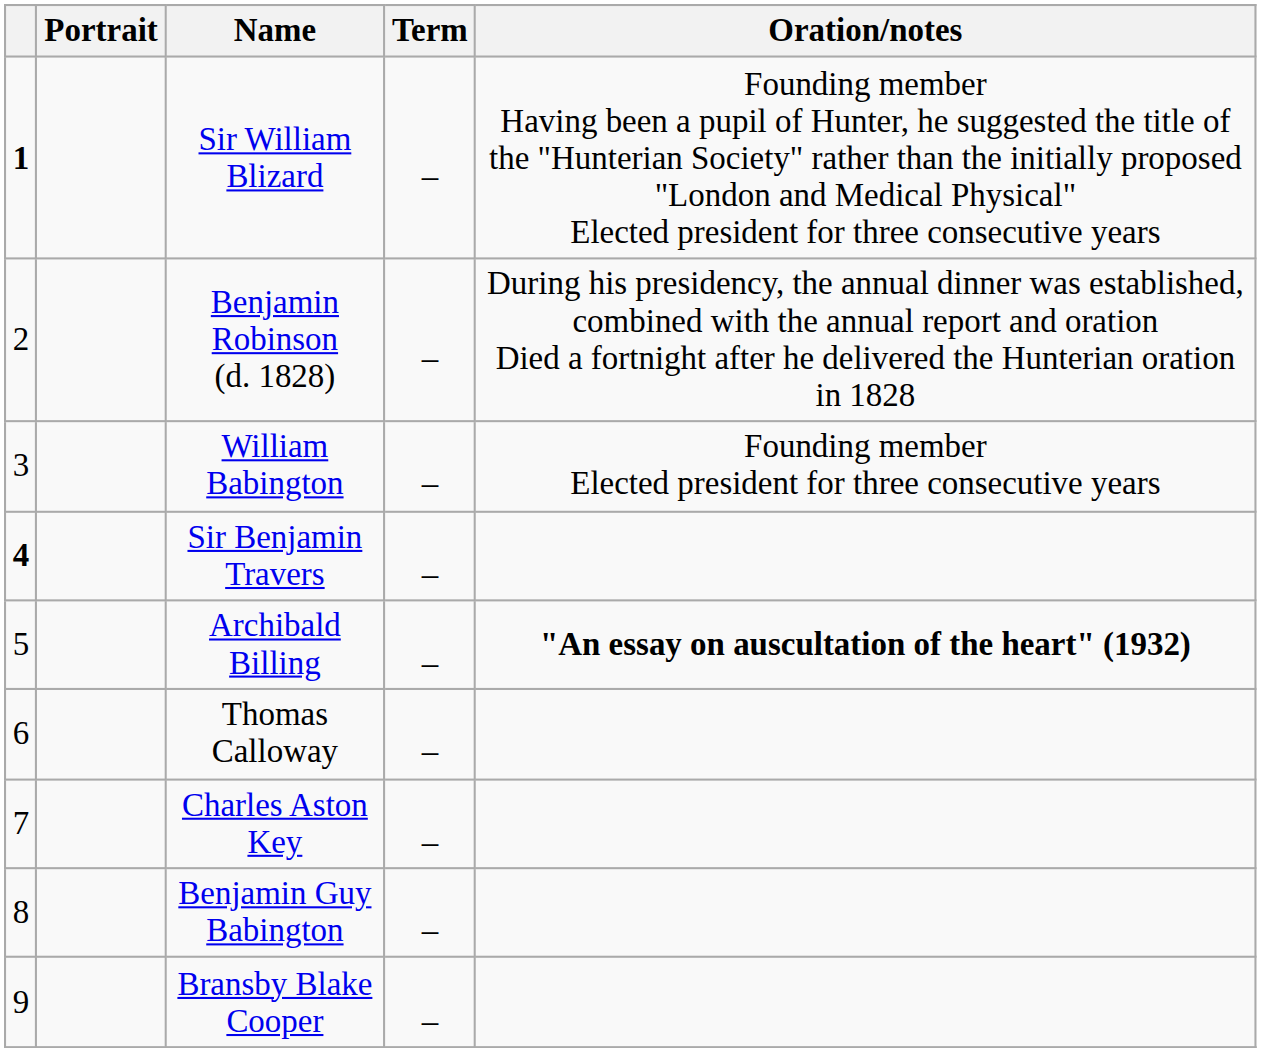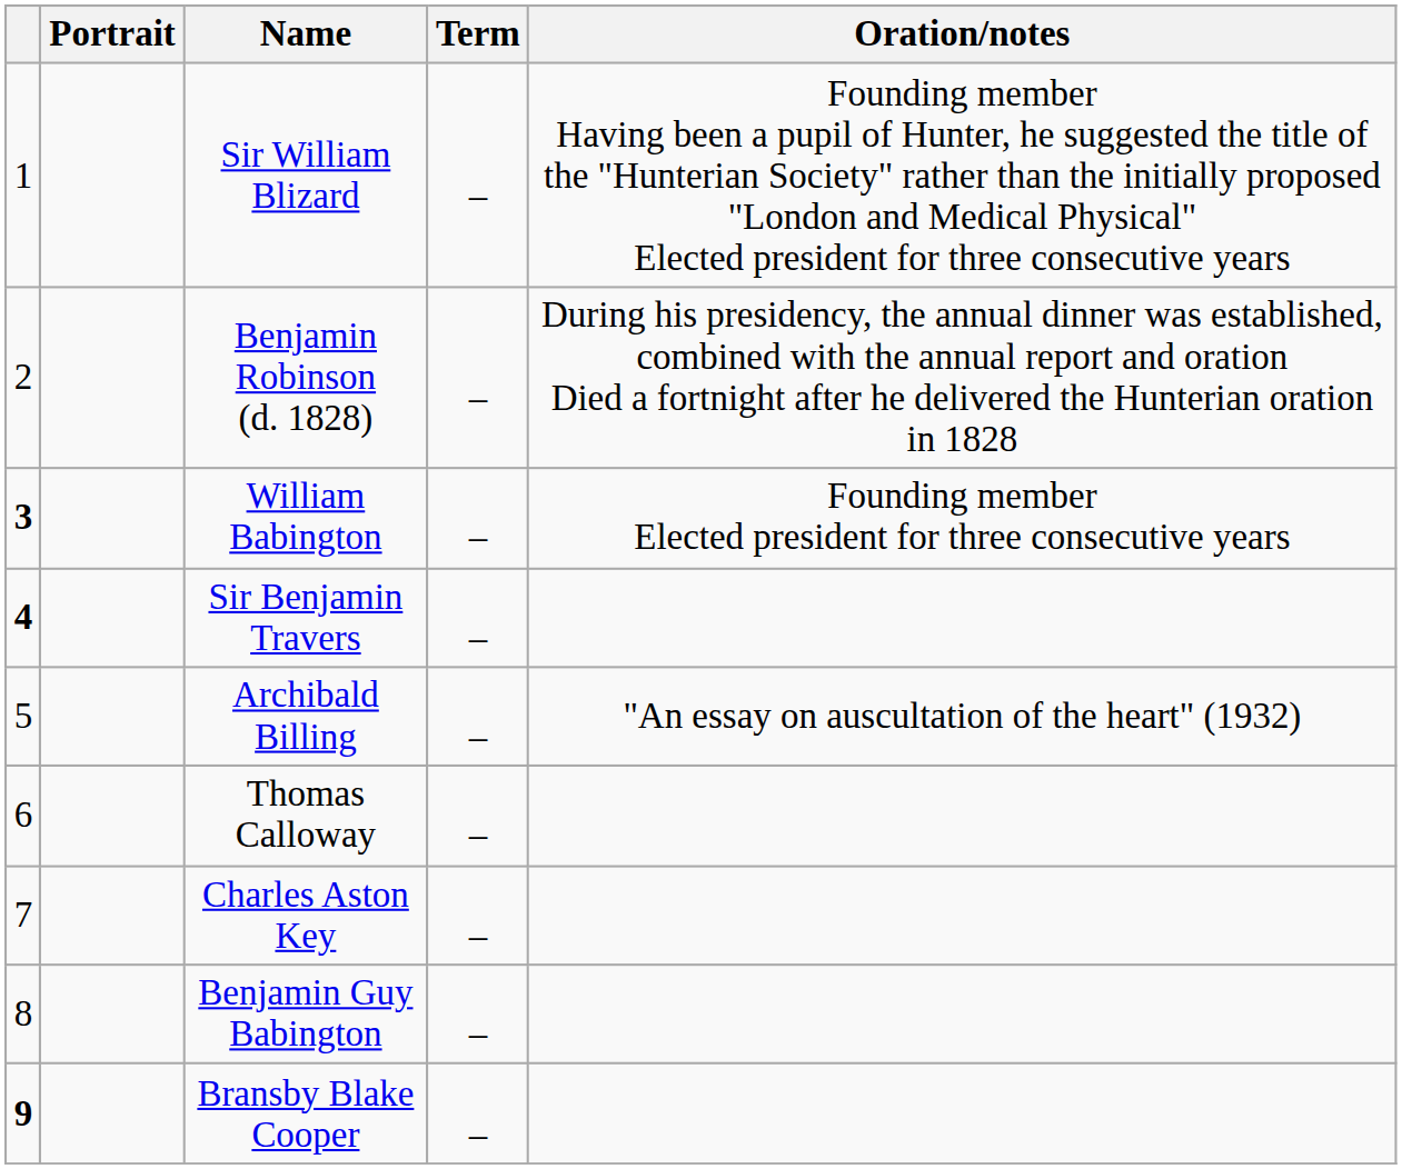 <table class="wikitable sortable sticky-header" style=text-align:center;>
 <tr>
 <th></th>
 <th>Portrait</th>
 <th>Name<br></th>
 <th>Term</th>
 <th>Oration/notes</th>
 </tr>
 <tr>
-<td><strong>1</strong></td>
+<td>1</td>
 <td></td>
 <td><a href='#'>Sir William Blizard</a><br></td>
 <td><br>–<br></td>
 <td>Founding member<br>Having been a pupil of Hunter, he suggested the title of the "Hunterian Society" rather than the initially proposed "London and Medical Physical"<br>Elected president for three consecutive years</td>
 </tr>
 <tr>
 <td>2</td>
 <td></td>
 <td><a href='#'>Benjamin Robinson</a><br>(d. 1828)</td>
 <td><br>–<br></td>
 <td>During his presidency, the annual dinner was established, combined with the annual report and oration<br>Died a fortnight after he delivered the Hunterian oration in 1828</td>
 </tr>
 <tr>
-<td>3</td>
+<td><strong>3</strong></td>
 <td></td>
 <td><a href='#'>William Babington</a></td>
 <td><br>–<br></td>
 <td>Founding member<br>Elected president for three consecutive years</td>
 </tr>
 <tr>
 <td><strong>4</strong></td>
 <td></td>
 <td><a href='#'>Sir Benjamin Travers</a></td>
 <td><br>–<br></td>
 <td></td>
 </tr>
 <tr>
 <td>5</td>
 <td></td>
 <td><a href='#'>Archibald Billing</a></td>
 <td><br>–<br></td>
-<td><strong>"An essay on auscultation of the heart" (1932)</strong></td>
+<td>"An essay on auscultation of the heart" (1932)</td>
 </tr>
 <tr>
 <td>6</td>
 <td></td>
 <td>Thomas Calloway</td>
 <td><br>–<br></td>
 <td></td>
 </tr>
 <tr>
 <td>7</td>
 <td></td>
 <td><a href='#'>Charles Aston Key</a></td>
 <td><br>–<br></td>
 <td></td>
 </tr>
 <tr>
 <td>8</td>
 <td></td>
 <td><a href='#'>Benjamin Guy Babington</a></td>
 <td><br>–<br></td>
 <td></td>
 </tr>
 <tr>
-<td>9</td>
+<td><strong>9</strong></td>
 <td></td>
 <td><a href='#'>Bransby Blake Cooper</a></td>
 <td><br>–<br></td>
 <td></td>
 </tr>
 <tr>
 </tr>
 </table>
